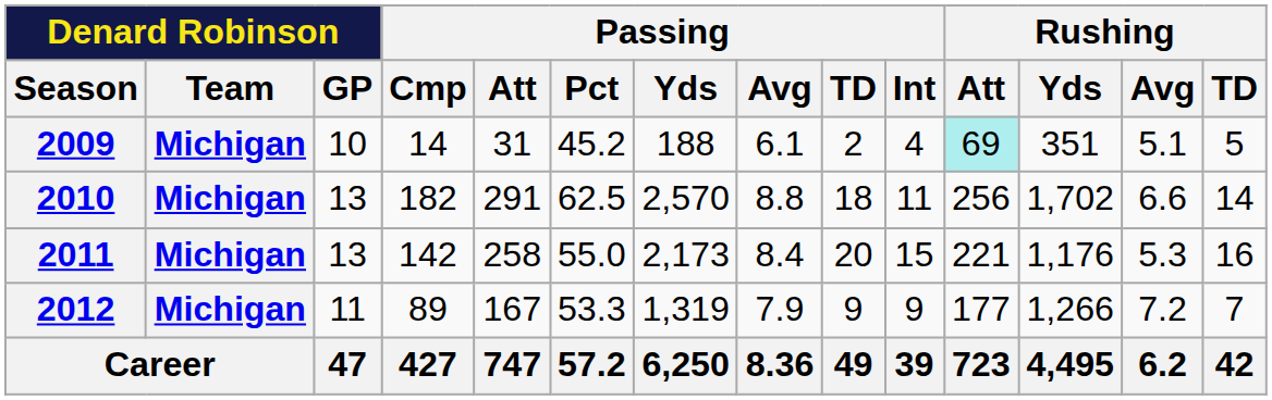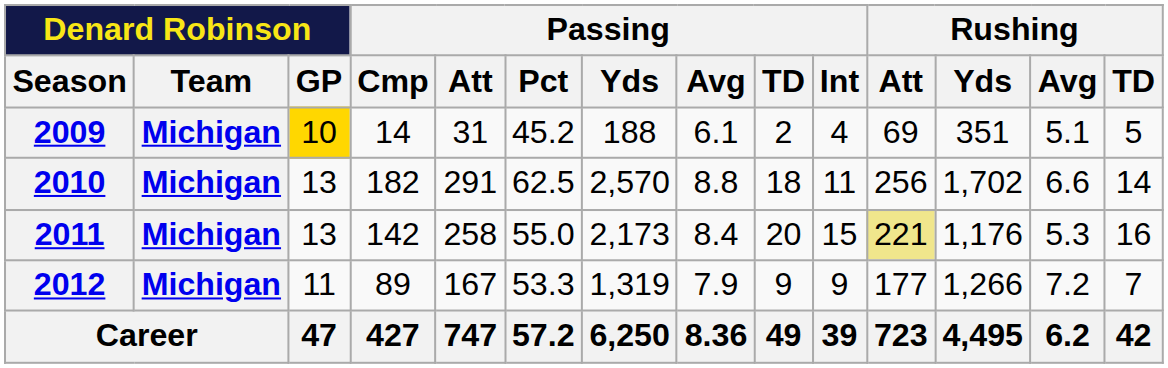 <table class="wikitable" style="text-align: center;">
 <tr>
 <th style="background:#121849; color:#f8e616;" colspan="3">Denard Robinson</th>
 <th colspan="7">Passing</th>
 <th colspan="4">Rushing</th>
 </tr>
 <tr>
 <th>Season</th>
 <th>Team</th>
 <th>GP</th>
 <th>Cmp</th>
 <th>Att</th>
 <th>Pct</th>
 <th>Yds</th>
 <th>Avg</th>
 <th>TD</th>
 <th>Int</th>
 <th>Att</th>
 <th>Yds</th>
 <th>Avg</th>
 <th>TD</th>
 </tr>
 <tr>
 <th><a href='#'>2009</a></th>
 <th><a href='#'>Michigan</a></th>
-<td>10</td>
+<td style="background: gold;">10</td>
 <td>14</td>
 <td>31</td>
 <td>45.2</td>
 <td>188</td>
 <td>6.1</td>
 <td>2</td>
 <td>4</td>
-<td style="background: paleturquoise;">69</td>
+<td>69</td>
 <td>351</td>
 <td>5.1</td>
 <td>5</td>
 </tr>
 <tr>
 <th><a href='#'>2010</a></th>
 <th><a href='#'>Michigan</a></th>
 <td>13</td>
 <td>182</td>
 <td>291</td>
 <td>62.5</td>
 <td>2,570</td>
 <td>8.8</td>
 <td>18</td>
 <td>11</td>
 <td>256</td>
 <td>1,702</td>
 <td>6.6</td>
 <td>14</td>
 </tr>
 <tr>
 <th><a href='#'>2011</a></th>
 <th><a href='#'>Michigan</a></th>
 <td>13</td>
 <td>142</td>
 <td>258</td>
 <td>55.0</td>
 <td>2,173</td>
 <td>8.4</td>
 <td>20</td>
 <td>15</td>
-<td>221</td>
+<td style="background: khaki;">221</td>
 <td>1,176</td>
 <td>5.3</td>
 <td>16</td>
 </tr>
 <tr>
 <th><a href='#'>2012</a></th>
 <th><a href='#'>Michigan</a></th>
 <td>11</td>
 <td>89</td>
 <td>167</td>
 <td>53.3</td>
 <td>1,319</td>
 <td>7.9</td>
 <td>9</td>
 <td>9</td>
 <td>177</td>
 <td>1,266</td>
 <td>7.2</td>
 <td>7</td>
 </tr>
 <tr>
 <th colspan="2">Career</th>
 <th>47</th>
 <th>427</th>
 <th>747</th>
 <th>57.2</th>
 <th>6,250</th>
 <th>8.36</th>
 <th>49</th>
 <th>39</th>
 <th>723</th>
 <th>4,495</th>
 <th>6.2</th>
 <th>42</th>
 </tr>
 </table>
